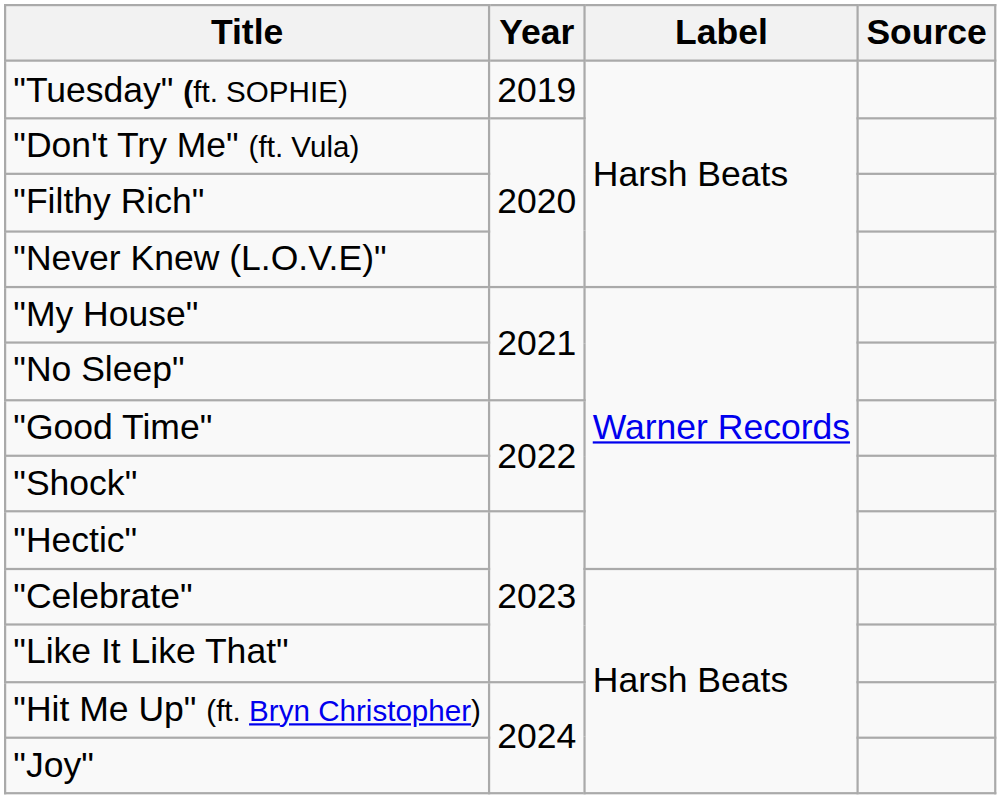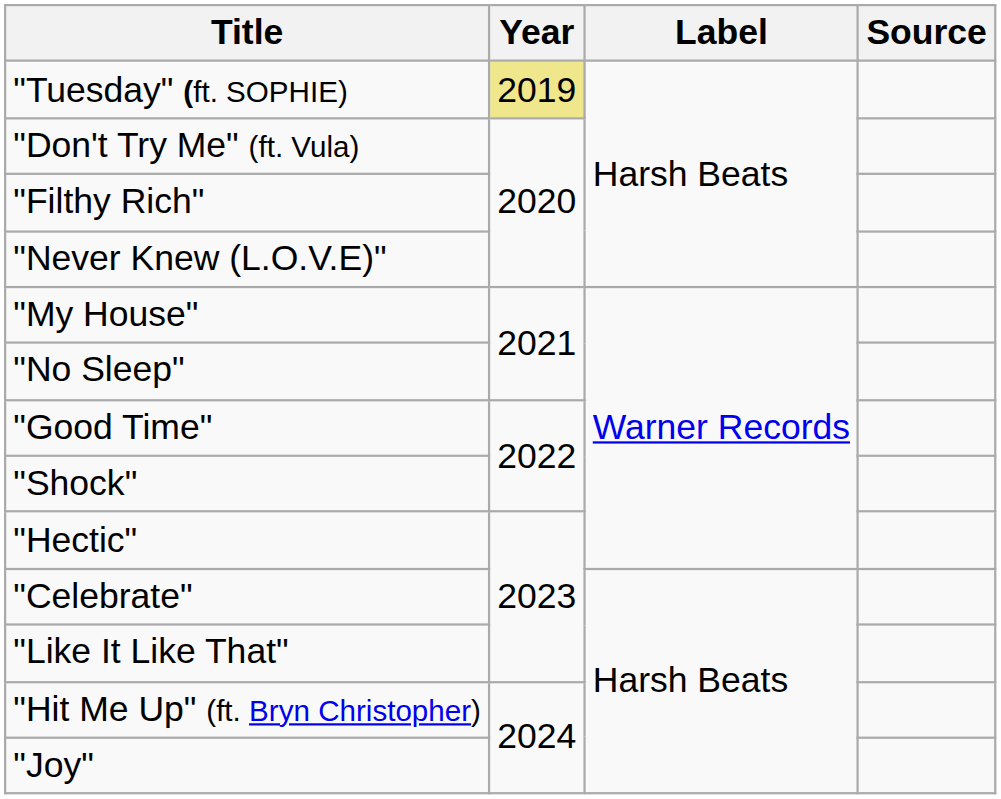 <table class="wikitable">
 <tr>
 <th>Title</th>
 <th>Year</th>
 <th>Label</th>
 <th>Source</th>
 </tr>
 <tr>
 <td>"Tuesday" <strong><small>(</small></strong><small>ft. SOPHIE)</small></td>
-<td>2019</td>
+<td style="background: khaki;">2019</td>
 <td rowspan="4">Harsh Beats</td>
 <td></td>
 </tr>
 <tr>
 <td>"Don't Try Me" <small>(ft. Vula)</small></td>
 <td rowspan="3">2020</td>
 <td></td>
 </tr>
 <tr>
 <td>"Filthy Rich"</td>
 <td></td>
 </tr>
 <tr>
 <td>"Never Knew (L.O.V.E)"</td>
 <td></td>
 </tr>
 <tr>
 <td>"My House"</td>
 <td rowspan="2">2021</td>
 <td rowspan="5"><a href='#'>Warner Records</a></td>
 <td></td>
 </tr>
 <tr>
 <td>"No Sleep"</td>
 <td></td>
 </tr>
 <tr>
 <td>"Good Time"</td>
 <td rowspan="2">2022</td>
 <td></td>
 </tr>
 <tr>
 <td>"Shock"</td>
 <td></td>
 </tr>
 <tr>
 <td>"Hectic"</td>
 <td rowspan="3">2023</td>
 <td></td>
 </tr>
 <tr>
 <td>"Celebrate"</td>
 <td rowspan="4">Harsh Beats</td>
 <td></td>
 </tr>
 <tr>
 <td>"Like It Like That"</td>
 <td></td>
 </tr>
 <tr>
 <td>"Hit Me Up" <small>(ft. <a href='#'>Bryn Christopher</a>)</small></td>
 <td rowspan="2">2024</td>
 <td></td>
 </tr>
 <tr>
 <td>"Joy"</td>
 <td></td>
 </tr>
 </table>
